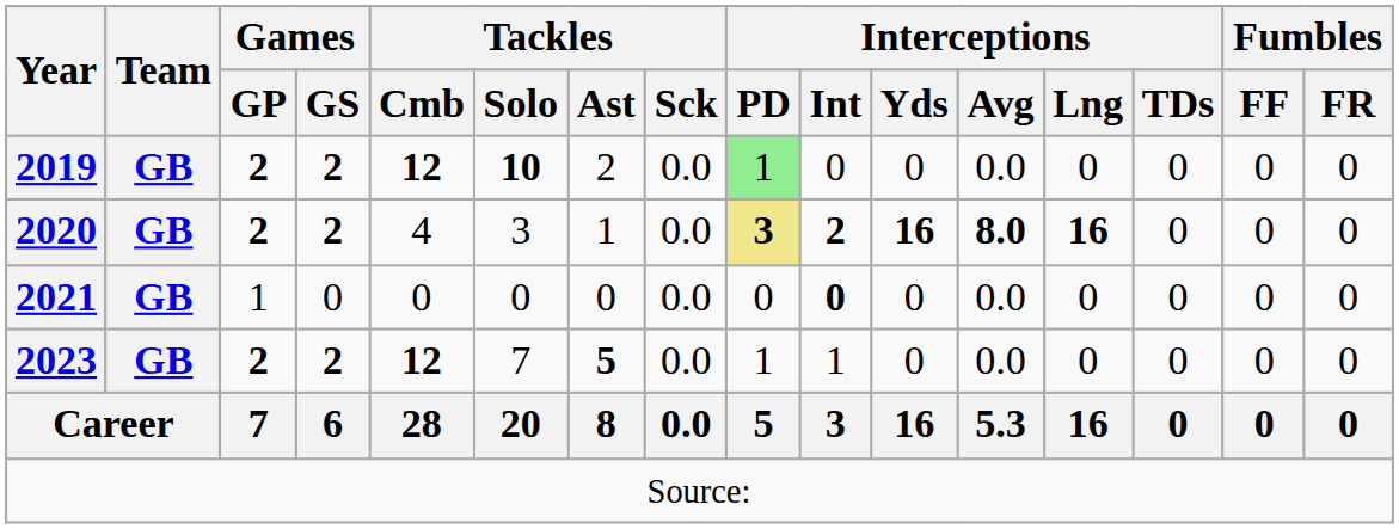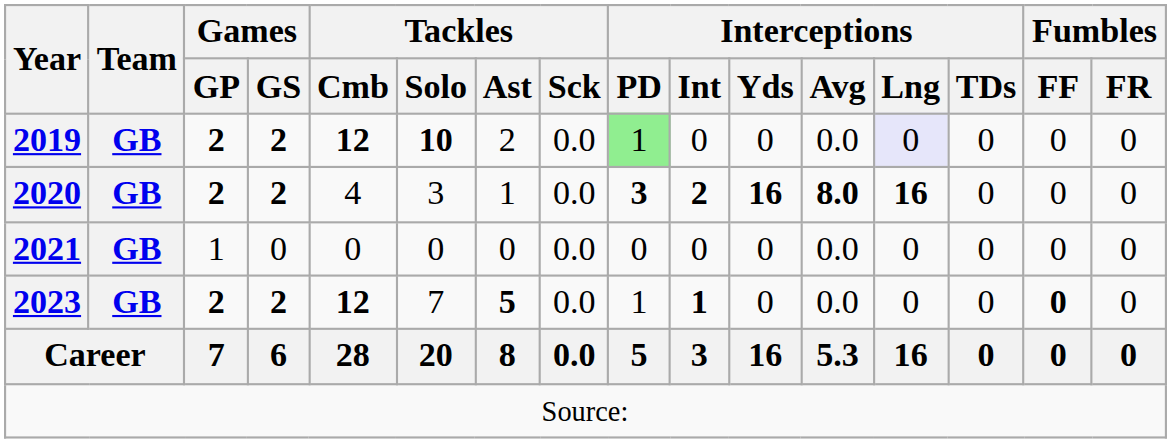 <table class="wikitable" style="text-align: center;">
 <tr>
 <th rowspan="2">Year</th>
 <th rowspan="2">Team</th>
 <th colspan="2">Games</th>
 <th colspan="4">Tackles</th>
 <th colspan="6">Interceptions</th>
 <th colspan="2">Fumbles</th>
 </tr>
 <tr>
 <th>GP</th>
 <th>GS</th>
 <th>Cmb</th>
 <th>Solo</th>
 <th>Ast</th>
 <th>Sck</th>
 <th>PD</th>
 <th>Int</th>
 <th>Yds</th>
 <th>Avg</th>
 <th>Lng</th>
 <th>TDs</th>
 <th>FF</th>
 <th>FR</th>
 </tr>
 <tr>
 <th><a href='#'>2019</a></th>
 <th><a href='#'>GB</a></th>
 <td><strong>2</strong></td>
 <td><strong>2</strong></td>
 <td><strong>12</strong></td>
 <td><strong>10</strong></td>
 <td>2</td>
 <td>0.0</td>
 <td style="background: lightgreen;">1</td>
 <td>0</td>
 <td>0</td>
 <td>0.0</td>
-<td>0</td>
+<td style="background: lavender;">0</td>
 <td>0</td>
 <td>0</td>
 <td>0</td>
 </tr>
 <tr>
 <th><a href='#'>2020</a></th>
 <th><a href='#'>GB</a></th>
 <td><strong>2</strong></td>
 <td><strong>2</strong></td>
 <td>4</td>
 <td>3</td>
 <td>1</td>
 <td>0.0</td>
-<td style="background: khaki;"><strong>3</strong></td>
+<td><strong>3</strong></td>
 <td><strong>2</strong></td>
 <td><strong>16</strong></td>
 <td><strong>8.0</strong></td>
 <td><strong>16</strong></td>
 <td>0</td>
 <td>0</td>
 <td>0</td>
 </tr>
 <tr>
 <th><a href='#'>2021</a></th>
 <th><a href='#'>GB</a></th>
 <td>1</td>
 <td>0</td>
 <td>0</td>
 <td>0</td>
 <td>0</td>
 <td>0.0</td>
 <td>0</td>
-<td><strong>0</strong></td>
+<td>0</td>
 <td>0</td>
 <td>0.0</td>
 <td>0</td>
 <td>0</td>
 <td>0</td>
 <td>0</td>
 </tr>
 <tr>
 <th><a href='#'>2023</a></th>
 <th><a href='#'>GB</a></th>
 <td><strong>2</strong></td>
 <td><strong>2</strong></td>
 <td><strong>12</strong></td>
 <td>7</td>
 <td><strong>5</strong></td>
 <td>0.0</td>
 <td>1</td>
-<td>1</td>
+<td><strong>1</strong></td>
 <td>0</td>
 <td>0.0</td>
 <td>0</td>
 <td>0</td>
-<td>0</td>
+<td><strong>0</strong></td>
 <td>0</td>
 </tr>
 <tr>
 <th colspan="2">Career</th>
 <th>7</th>
 <th>6</th>
 <th>28</th>
 <th>20</th>
 <th>8</th>
 <th>0.0</th>
 <th>5</th>
 <th>3</th>
 <th>16</th>
 <th>5.3</th>
 <th>16</th>
 <th>0</th>
 <th>0</th>
 <th>0</th>
 </tr>
 <tr>
 <td colspan="17"><small>Source: </small></td>
 </tr>
 </table>
